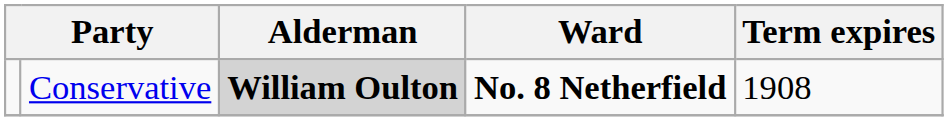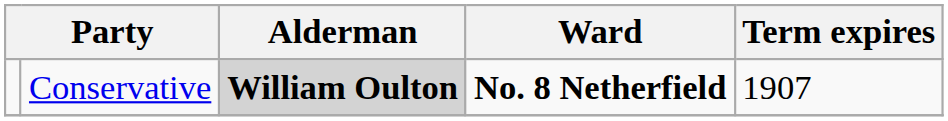 <table class="wikitable">
 <tr>
 <th colspan="2">Party</th>
 <th>Alderman</th>
 <th>Ward</th>
 <th>Term expires</th>
 </tr>
 <tr>
 <td style="background-color:"></td>
 <td><a href='#'>Conservative</a></td>
 <td style="background: lightgrey;"><strong>William Oulton</strong></td>
 <td><strong>No. 8 Netherfield </strong></td>
-<td>1908</td>
+<td>1907</td>
 </tr>
 <tr>
 </tr>
 </table>
